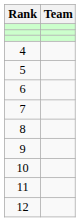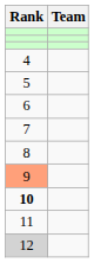 <table class="wikitable" style="text-align:center;">
 <tr>
 <th width=40>Rank</th>
 <th>Team</th>
 </tr>
 <tr bgcolor=#ccffcc>
 <td></td>
 <td style="text-align:left;"></td>
 </tr>
 <tr bgcolor=#ccffcc>
 <td></td>
 <td style="text-align:left;"></td>
 </tr>
 <tr bgcolor=#ccffcc>
 <td></td>
 <td style="text-align:left;"></td>
 </tr>
 <tr>
 <td>4</td>
 <td style="text-align:left;"></td>
 </tr>
 <tr>
 <td>5</td>
 <td style="text-align:left;"></td>
 </tr>
 <tr>
 <td>6</td>
 <td style="text-align:left;"></td>
 </tr>
 <tr>
 <td>7</td>
 <td style="text-align:left;"></td>
 </tr>
 <tr>
 <td>8</td>
 <td style="text-align:left;"></td>
 </tr>
 <tr>
-<td>9</td>
+<td style="background: lightsalmon;">9</td>
 <td style="text-align:left;"></td>
 </tr>
 <tr>
-<td>10</td>
+<td><strong>10</strong></td>
 <td style="text-align:left;"></td>
 </tr>
 <tr>
 <td>11</td>
 <td style="text-align:left;"></td>
 </tr>
 <tr>
-<td>12</td>
+<td style="background: lightgrey;">12</td>
 <td style="text-align:left;"></td>
 </tr>
 </table>
